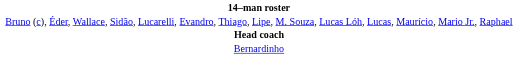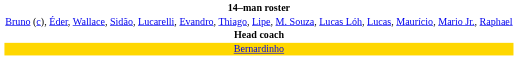 <table style="text-align:center; margin-top:2em; margin-left:auto; margin-right:auto">
 <tr>
 <td><strong>14–man roster</strong></td>
 </tr>
 <tr>
 <td><a href='#'>Bruno</a> (<a href='#'>c</a>), <a href='#'>Éder</a>, <a href='#'>Wallace</a>, <a href='#'>Sidão</a>, <a href='#'>Lucarelli</a>, <a href='#'>Evandro</a>, <a href='#'>Thiago</a>, <a href='#'>Lipe</a>, <a href='#'>M. Souza</a>, <a href='#'>Lucas Lóh</a>, <a href='#'>Lucas</a>, <a href='#'>Maurício</a>, <a href='#'>Mario Jr.</a>, <a href='#'>Raphael</a></td>
 </tr>
 <tr>
 <td><strong>Head coach</strong></td>
 </tr>
 <tr>
-<td><a href='#'>Bernardinho</a></td>
+<td style="background: gold;"><a href='#'>Bernardinho</a></td>
 </tr>
 </table>
